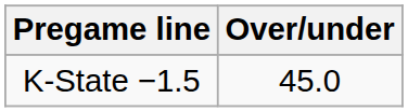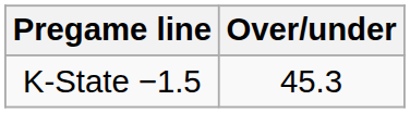 <table class="wikitable" style="margin-left: auto; margin-right: auto; border: none; display: inline-table;">
 <tr align="center">
 <th style=>Pregame line</th>
 <th style=>Over/under</th>
 </tr>
 <tr align="center">
 <td>K-State −1.5</td>
-<td>45.0</td>
+<td>45.3</td>
 </tr>
 </table>
